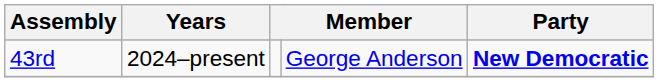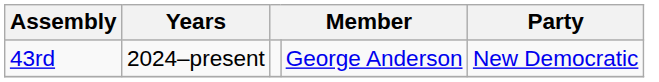 <table class="wikitable">
 <tr>
 <th>Assembly</th>
 <th>Years</th>
 <th colspan="2">Member</th>
 <th>Party</th>
 </tr>
 <tr>
 <td><a href='#'>43rd</a></td>
 <td>2024–present</td>
 <td></td>
 <td><a href='#'>George Anderson</a></td>
-<td><strong><a href='#'>New Democratic</a></strong></td>
+<td><a href='#'>New Democratic</a></td>
 </tr>
 <tr>
 </tr>
 </table>
